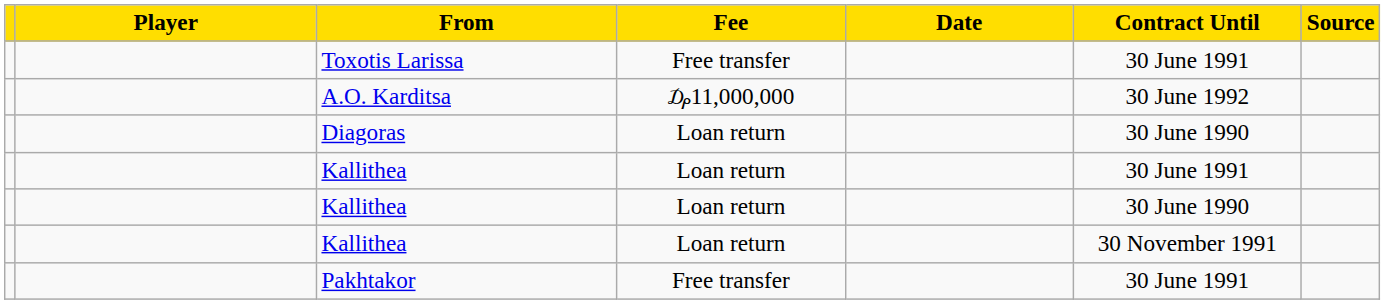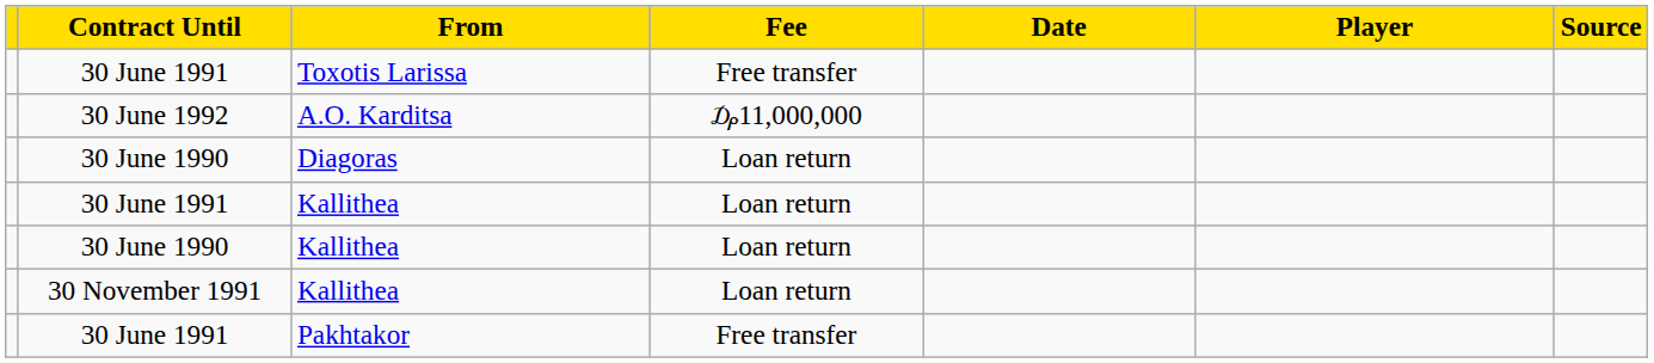 <table class="wikitable sortable">
 <tr>
 <th style="background:#FFDE00"></th>
-<th width=200 style="background:#FFDE00">Player</th>
+<th width=150 style="background:#FFDE00">Contract Until</th>
 <th width=200 style="background:#FFDE00">From</th>
 <th width=150 style="background:#FFDE00">Fee</th>
 <th width=150 style="background:#FFDE00">Date</th>
-<th width=150 style="background:#FFDE00">Contract Until</th>
+<th width=200 style="background:#FFDE00">Player</th>
 <th style="background:#FFDE00">Source</th>
 </tr>
 <tr>
 <td align=center></td>
-<td></td>
+<td align=center>30 June 1991</td>
 <td> <a href='#'>Toxotis Larissa</a></td>
 <td align=center>Free transfer</td>
 <td align=center></td>
-<td align=center>30 June 1991</td>
+<td></td>
 <td align=center></td>
 </tr>
 <tr>
 <td align=center></td>
-<td></td>
+<td align=center>30 June 1992</td>
 <td> <a href='#'>A.O. Karditsa</a></td>
 <td align=center>₯11,000,000</td>
 <td align=center></td>
-<td align=center>30 June 1992</td>
+<td></td>
 <td align=center></td>
 </tr>
 <tr>
 <td align=center></td>
-<td></td>
+<td align=center>30 June 1990</td>
 <td> <a href='#'>Diagoras</a></td>
 <td align=center>Loan return</td>
 <td align=center></td>
-<td align=center>30 June 1990</td>
+<td></td>
 <td align=center></td>
 </tr>
 <tr>
 <td align=center></td>
-<td></td>
+<td align=center>30 June 1991</td>
 <td> <a href='#'>Kallithea</a></td>
 <td align=center>Loan return</td>
 <td align=center></td>
-<td align=center>30 June 1991</td>
+<td></td>
 <td align=center></td>
 </tr>
 <tr>
 <td align=center></td>
-<td></td>
+<td align=center>30 June 1990</td>
 <td> <a href='#'>Kallithea</a></td>
 <td align=center>Loan return</td>
 <td align=center></td>
-<td align=center>30 June 1990</td>
+<td></td>
 <td align=center></td>
 </tr>
 <tr>
 <td align=center></td>
-<td></td>
+<td align=center>30 November 1991</td>
 <td> <a href='#'>Kallithea</a></td>
 <td align=center>Loan return</td>
 <td align=center></td>
-<td align=center>30 November 1991</td>
+<td></td>
 <td align=center></td>
 </tr>
 <tr>
 <td align=center></td>
-<td></td>
+<td align=center>30 June 1991</td>
 <td> <a href='#'>Pakhtakor</a></td>
 <td align=center>Free transfer</td>
 <td align=center></td>
-<td align=center>30 June 1991</td>
+<td></td>
 <td align=center></td>
 </tr>
 </table>
